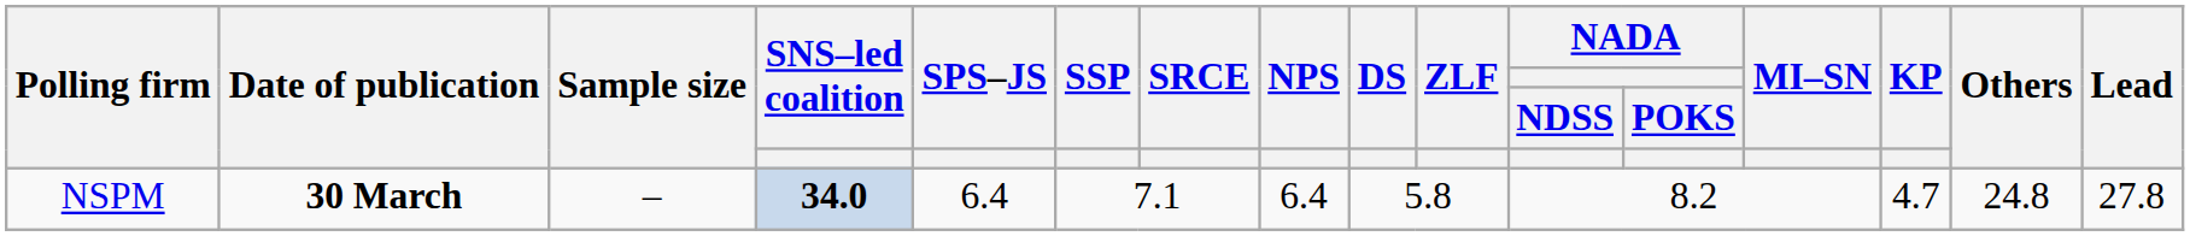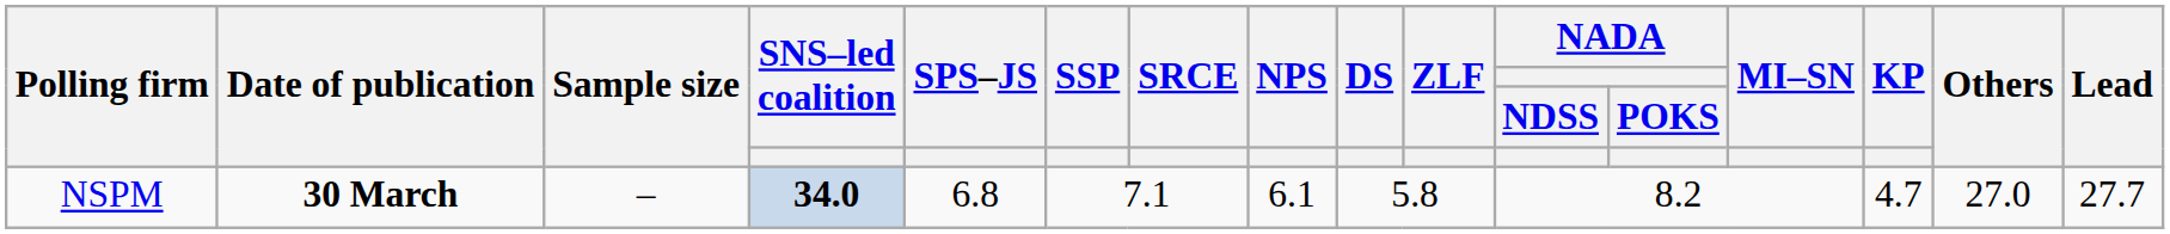 <table class="wikitable" style="text-align:center; font-size:85%; line-height:16px; margin-bottom:0">
 <tr>
 <th rowspan="4">Polling firm</th>
 <th rowspan="4">Date of publication</th>
 <th rowspan="4">Sample size</th>
 <th rowspan="3"><a href='#'>SNS–led<br>coalition</a></th>
 <th rowspan="3"><a href='#'>SPS</a>–<a href='#'>JS</a></th>
 <th rowspan="3"><a href='#'>SSP</a></th>
 <th rowspan="3"><a href='#'>SRCE</a></th>
 <th rowspan="3"><a href='#'>NPS</a></th>
 <th rowspan="3"><a href='#'>DS</a></th>
 <th rowspan="3"><a href='#'>ZLF</a></th>
 <th colspan="2"><a href='#'>NADA</a></th>
 <th rowspan="3"><a href='#'>MI–SN</a></th>
 <th rowspan="3"><a href='#'>KP</a></th>
 <th rowspan="4">Others</th>
 <th rowspan="4">Lead</th>
 </tr>
 <tr>
 <th colspan="2" style="background:"></th>
 </tr>
 <tr>
 <th><a href='#'>NDSS</a></th>
 <th><a href='#'>POKS</a></th>
 </tr>
 <tr>
 <th style="background:"></th>
 <th style="background:"></th>
 <th style="background:"></th>
 <th style="background:"></th>
 <th style="background:"></th>
 <th style="background:"></th>
 <th style="background:"></th>
 <th style="background:"></th>
 <th style="background:"></th>
 <th style="background:"></th>
 <th style="background:"></th>
 </tr>
 <tr>
 <td><a href='#'>NSPM</a></td>
 <td><strong>30 March</strong></td>
 <td>–</td>
 <td style="background:#C8D9EC"><strong>34.0</strong></td>
-<td>6.4</td>
+<td>6.8</td>
 <td colspan="2">7.1</td>
-<td>6.4</td>
+<td>6.1</td>
 <td colspan="2">5.8</td>
 <td colspan="3">8.2</td>
 <td>4.7</td>
-<td>24.8</td>
-<td style="background:">27.8</td>
+<td>27.0</td>
+<td style="background:">27.7</td>
 </tr>
 </table>
